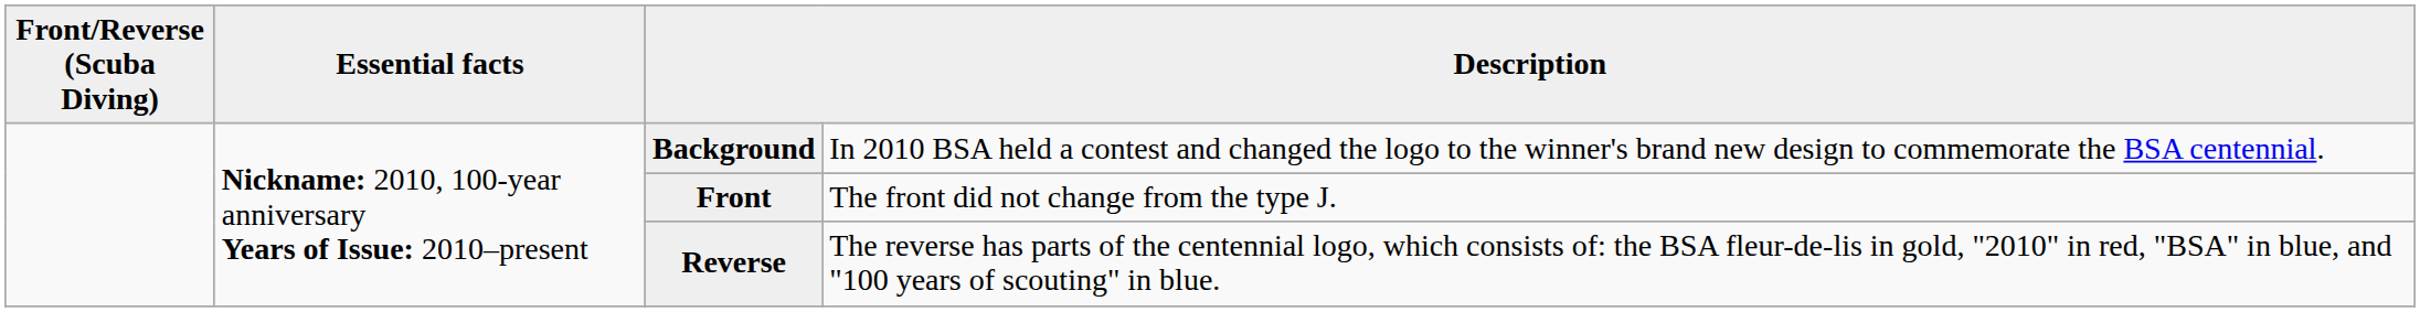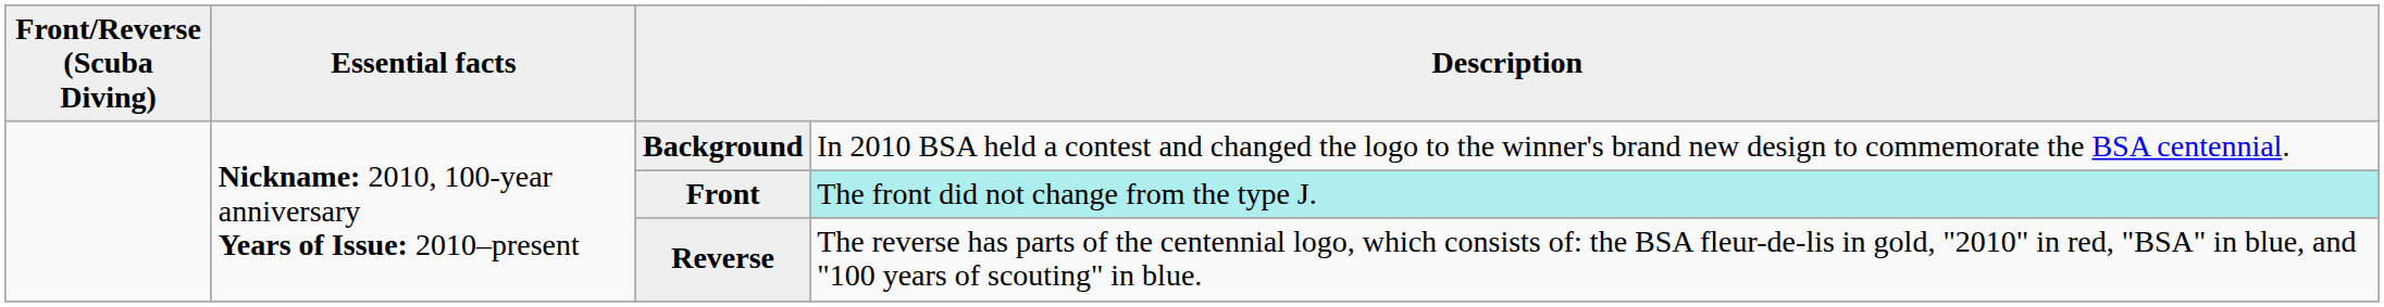 <table class="wikitable">
 <tr>
 <th style="background:#efefef;">Front/Reverse<br>(Scuba Diving)</th>
 <th style="background:#efefef;">Essential facts</th>
 <th style="background:#efefef;" colspan=2>Description</th>
 </tr>
 <tr>
 <td rowspan=3></td>
 <td rowspan=3><strong>Nickname:</strong> 2010, 100-year anniversary <br> <strong>Years of Issue:</strong> 2010–present</td>
 <th style="background:#efefef;">Background</th>
 <td>In 2010 BSA held a contest and changed the logo to the winner's brand new design to commemorate the <a href='#'>BSA centennial</a>.</td>
 </tr>
 <tr>
 <th style="background:#efefef;">Front</th>
-<td>The front did not change from the type J.</td>
+<td style="background: paleturquoise;">The front did not change from the type J.</td>
 </tr>
 <tr>
 <th style="background:#efefef;">Reverse</th>
 <td>The reverse has parts of the centennial logo, which consists of: the BSA fleur-de-lis in gold, "2010" in red, "BSA" in blue, and "100 years of scouting" in blue.</td>
 </tr>
 </table>
